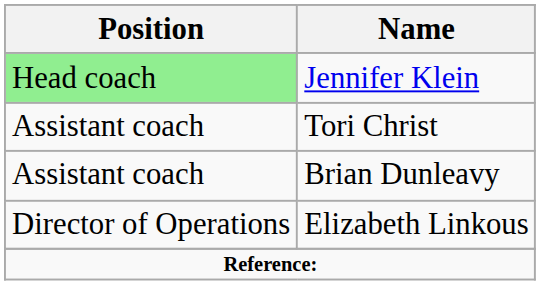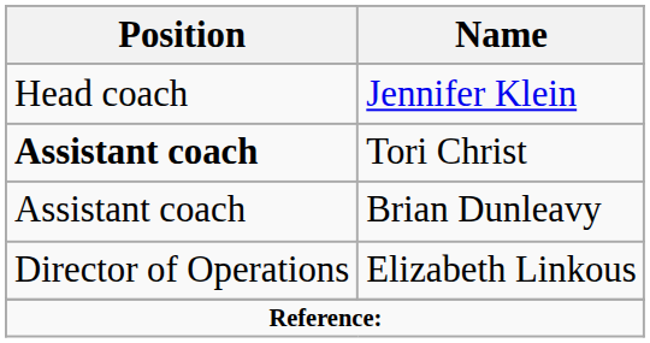 <table class="wikitable">
 <tr>
 <th width=px>Position</th>
 <th width=px>Name</th>
 </tr>
 <tr>
-<td style="background: lightgreen;">Head coach</td>
+<td>Head coach</td>
 <td> <a href='#'>Jennifer Klein</a></td>
 </tr>
 <tr>
-<td>Assistant coach</td>
+<td><strong>Assistant coach</strong></td>
 <td> Tori Christ</td>
 </tr>
 <tr>
 <td>Assistant coach</td>
 <td> Brian Dunleavy</td>
 </tr>
 <tr>
 <td>Director of Operations</td>
 <td> Elizabeth Linkous</td>
 </tr>
 <tr>
 </tr>
 <tr>
 <td colspan="4"  style="font-size:8pt; text-align:center;"><strong>Reference:</strong></td>
 </tr>
 </table>
